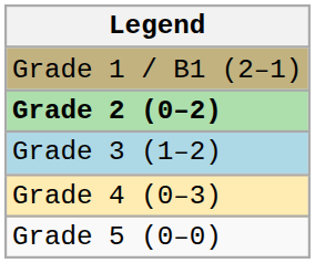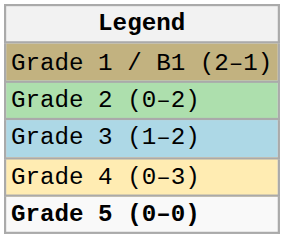 <table class="wikitable" style="font-size:85%;">
 <tr>
 <th>Legend</th>
 </tr>
 <tr bgcolor="C2B280">
 <td>Grade 1 / B1 (2–1)</td>
 </tr>
 <tr bgcolor="ADDFAD">
-<td><strong>Grade 2 (0–2)</strong></td>
+<td>Grade 2 (0–2)</td>
 </tr>
 <tr bgcolor="lightblue">
 <td>Grade 3 (1–2)</td>
 </tr>
 <tr bgcolor="ffecb2">
 <td>Grade 4 (0–3)</td>
 </tr>
 <tr>
-<td>Grade 5 (0–0)</td>
+<td><strong>Grade 5 (0–0)</strong></td>
 </tr>
 </table>
